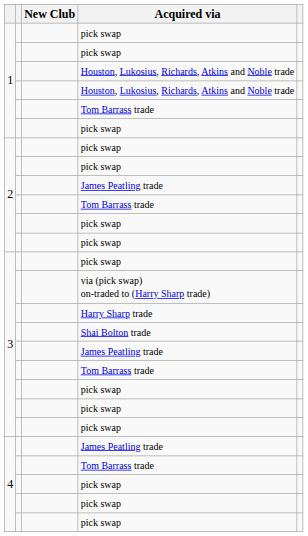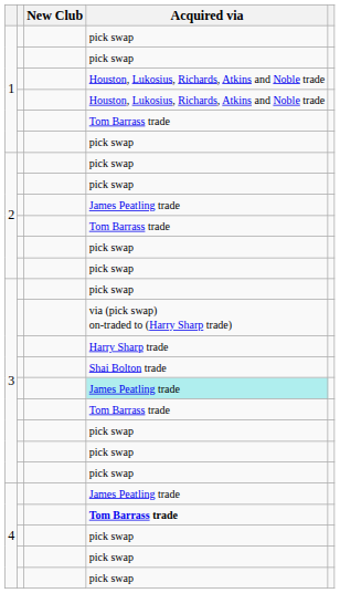 <table class="wikitable sortable plainrowheaders">
 <tr>
 <th scope="col"></th>
 <th scope="col"></th>
 <th scope="col">New Club</th>
 <th class="unsortable">Acquired via</th>
 <th class="unsortable"></th>
 </tr>
 <tr>
 <td rowspan=6>1</td>
 <td></td>
 <td></td>
 <td><small>pick swap</small></td>
 <td align="center"></td>
 </tr>
 <tr>
 <td></td>
 <td></td>
 <td><small>pick swap</small></td>
 <td align="center"></td>
 </tr>
 <tr>
 <td></td>
 <td></td>
 <td><small><a href='#'>Houston</a>, <a href='#'>Lukosius</a>, <a href='#'>Richards</a>, <a href='#'>Atkins</a> and <a href='#'>Noble</a> trade</small></td>
 <td align="center"></td>
 </tr>
 <tr>
 <td></td>
 <td></td>
 <td><small><a href='#'>Houston</a>, <a href='#'>Lukosius</a>, <a href='#'>Richards</a>, <a href='#'>Atkins</a> and <a href='#'>Noble</a> trade</small></td>
 <td align="center"></td>
 </tr>
 <tr>
 <td></td>
 <td></td>
 <td><small><a href='#'>Tom Barrass</a> trade</small></td>
 <td align=center></td>
 </tr>
 <tr>
 <td></td>
 <td></td>
 <td><small>pick swap</small></td>
 <td align=center></td>
 </tr>
 <tr>
 <td rowspan=6>2</td>
 <td></td>
 <td></td>
 <td><small>pick swap</small></td>
 <td align="center"></td>
 </tr>
 <tr>
 <td></td>
 <td></td>
 <td><small>pick swap</small></td>
 <td align="center"></td>
 </tr>
 <tr>
 <td></td>
 <td></td>
 <td><small><a href='#'>James Peatling</a> trade</small></td>
 <td align="center"></td>
 </tr>
 <tr>
 <td></td>
 <td></td>
 <td><small><a href='#'>Tom Barrass</a> trade</small></td>
 <td align=center></td>
 </tr>
 <tr>
 <td></td>
 <td></td>
 <td><small>pick swap</small></td>
 <td align=center></td>
 </tr>
 <tr>
 <td></td>
 <td></td>
 <td><small>pick swap</small></td>
 <td align=center></td>
 </tr>
 <tr>
 <td rowspan=9>3</td>
 <td></td>
 <td></td>
 <td><small>pick swap</small></td>
 <td align=center></td>
 </tr>
 <tr>
 <td></td>
 <td></td>
 <td><small>via  (pick swap)<br>on-traded to  (<a href='#'>Harry Sharp</a> trade)</small></td>
 <td align=center><br></td>
 </tr>
 <tr>
 <td></td>
 <td></td>
 <td><small><a href='#'>Harry Sharp</a> trade</small></td>
 <td align=center></td>
 </tr>
 <tr>
 <td></td>
 <td></td>
 <td><small><a href='#'>Shai Bolton</a> trade</small></td>
 <td align=center></td>
 </tr>
 <tr>
 <td></td>
 <td></td>
-<td><small><a href='#'>James Peatling</a> trade</small></td>
+<td style="background: paleturquoise;"><small><a href='#'>James Peatling</a> trade</small></td>
 <td align=center></td>
 </tr>
 <tr>
 <td></td>
 <td></td>
 <td><small><a href='#'>Tom Barrass</a> trade</small></td>
 <td align=center></td>
 </tr>
 <tr>
 <td></td>
 <td></td>
 <td><small>pick swap</small></td>
 <td align=center></td>
 </tr>
 <tr>
 <td></td>
 <td></td>
 <td><small>pick swap</small></td>
 <td align=center></td>
 </tr>
 <tr>
 <td></td>
 <td></td>
 <td><small>pick swap</small></td>
 <td align=center></td>
 </tr>
 <tr>
 <td rowspan=5>4</td>
 <td></td>
 <td></td>
 <td><small><a href='#'>James Peatling</a> trade</small></td>
 <td align=center></td>
 </tr>
 <tr>
 <td></td>
 <td></td>
-<td><small><a href='#'>Tom Barrass</a> trade</small></td>
+<td><strong><small><a href='#'>Tom Barrass</a> trade</small></strong></td>
 <td align=center></td>
 </tr>
 <tr>
 <td></td>
 <td></td>
 <td><small>pick swap</small></td>
 <td align=center></td>
 </tr>
 <tr>
 <td></td>
 <td></td>
 <td><small>pick swap</small></td>
 <td align=center></td>
 </tr>
 <tr>
 <td></td>
 <td></td>
 <td><small>pick swap</small></td>
 <td align=center></td>
 </tr>
 </table>
